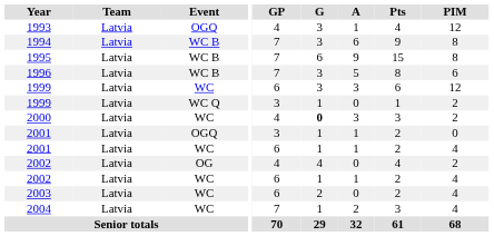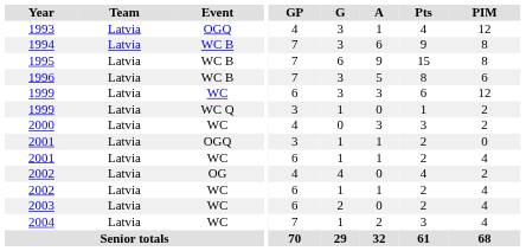 <table border="0" cellpadding="1" cellspacing="0" ID="Table3" style="text-align:center; width:40em">
 <tr ALIGN="center" bgcolor="#e0e0e0">
 <th>Year</th>
 <th>Team</th>
 <th>Event</th>
 <th rowspan="99" bgcolor="#ffffff"></th>
 <th>GP</th>
 <th>G</th>
 <th>A</th>
 <th>Pts</th>
 <th>PIM</th>
 </tr>
 <tr>
 <td><a href='#'>1993</a></td>
 <td><a href='#'>Latvia</a></td>
 <td><a href='#'>OGQ</a></td>
 <td>4</td>
 <td>3</td>
 <td>1</td>
 <td>4</td>
 <td>12</td>
 </tr>
 <tr bgcolor="#f0f0f0">
 <td><a href='#'>1994</a></td>
 <td><a href='#'>Latvia</a></td>
 <td><a href='#'>WC B</a></td>
 <td>7</td>
 <td>3</td>
 <td>6</td>
 <td>9</td>
 <td>8</td>
 </tr>
 <tr>
 <td><a href='#'>1995</a></td>
 <td>Latvia</td>
 <td>WC B</td>
 <td>7</td>
 <td>6</td>
 <td>9</td>
 <td>15</td>
 <td>8</td>
 </tr>
 <tr bgcolor="#f0f0f0">
 <td><a href='#'>1996</a></td>
 <td>Latvia</td>
 <td>WC B</td>
 <td>7</td>
 <td>3</td>
 <td>5</td>
 <td>8</td>
 <td>6</td>
 </tr>
 <tr>
 <td><a href='#'>1999</a></td>
 <td>Latvia</td>
 <td><a href='#'>WC</a></td>
 <td>6</td>
 <td>3</td>
 <td>3</td>
 <td>6</td>
 <td>12</td>
 </tr>
 <tr bgcolor="#f0f0f0">
 <td><a href='#'>1999</a></td>
 <td>Latvia</td>
 <td>WC Q</td>
 <td>3</td>
 <td>1</td>
 <td>0</td>
 <td>1</td>
 <td>2</td>
 </tr>
 <tr>
 <td><a href='#'>2000</a></td>
 <td>Latvia</td>
 <td>WC</td>
 <td>4</td>
-<td><strong>0</strong></td>
+<td>0</td>
 <td>3</td>
 <td>3</td>
 <td>2</td>
 </tr>
 <tr bgcolor="#f0f0f0">
 <td><a href='#'>2001</a></td>
 <td>Latvia</td>
 <td>OGQ</td>
 <td>3</td>
 <td>1</td>
 <td>1</td>
 <td>2</td>
 <td>0</td>
 </tr>
 <tr>
 <td><a href='#'>2001</a></td>
 <td>Latvia</td>
 <td>WC</td>
 <td>6</td>
 <td>1</td>
 <td>1</td>
 <td>2</td>
 <td>4</td>
 </tr>
 <tr bgcolor="#f0f0f0">
 <td><a href='#'>2002</a></td>
 <td>Latvia</td>
 <td>OG</td>
 <td>4</td>
 <td>4</td>
 <td>0</td>
 <td>4</td>
 <td>2</td>
 </tr>
 <tr>
 <td><a href='#'>2002</a></td>
 <td>Latvia</td>
 <td>WC</td>
 <td>6</td>
 <td>1</td>
 <td>1</td>
 <td>2</td>
 <td>4</td>
 </tr>
 <tr bgcolor="#f0f0f0">
 <td><a href='#'>2003</a></td>
 <td>Latvia</td>
 <td>WC</td>
 <td>6</td>
 <td>2</td>
 <td>0</td>
 <td>2</td>
 <td>4</td>
 </tr>
 <tr>
 <td><a href='#'>2004</a></td>
 <td>Latvia</td>
 <td>WC</td>
 <td>7</td>
 <td>1</td>
 <td>2</td>
 <td>3</td>
 <td>4</td>
 </tr>
 <tr bgcolor="#e0e0e0">
 <th colspan="3">Senior totals</th>
 <th>70</th>
 <th>29</th>
 <th>32</th>
 <th>61</th>
 <th>68</th>
 </tr>
 </table>
